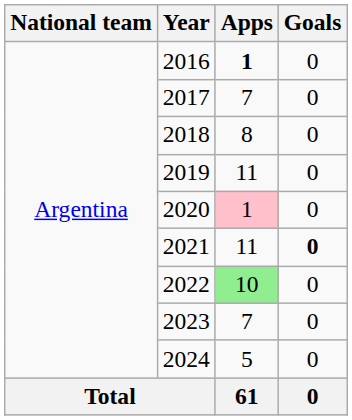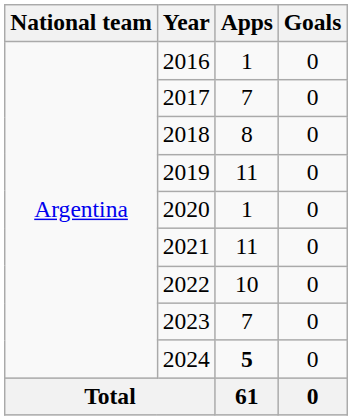 <table class="wikitable" style="text-align:center">
 <tr>
 <th>National team</th>
 <th>Year</th>
 <th>Apps</th>
 <th>Goals</th>
 </tr>
 <tr>
 <td rowspan="9"><a href='#'>Argentina</a></td>
 <td>2016</td>
-<td><strong>1</strong></td>
+<td>1</td>
 <td>0</td>
 </tr>
 <tr>
 <td>2017</td>
 <td>7</td>
 <td>0</td>
 </tr>
 <tr>
 <td>2018</td>
 <td>8</td>
 <td>0</td>
 </tr>
 <tr>
 <td>2019</td>
 <td>11</td>
 <td>0</td>
 </tr>
 <tr>
 <td>2020</td>
-<td style="background: pink;">1</td>
+<td>1</td>
 <td>0</td>
 </tr>
 <tr>
 <td>2021</td>
 <td>11</td>
-<td><strong>0</strong></td>
+<td>0</td>
 </tr>
 <tr>
 <td>2022</td>
-<td style="background: lightgreen;">10</td>
+<td>10</td>
 <td>0</td>
 </tr>
 <tr>
 <td>2023</td>
 <td>7</td>
 <td>0</td>
 </tr>
 <tr>
 <td>2024</td>
-<td>5</td>
+<td><strong>5</strong></td>
 <td>0</td>
 </tr>
 <tr>
 <th colspan="2">Total</th>
 <th>61</th>
 <th>0</th>
 </tr>
 </table>
